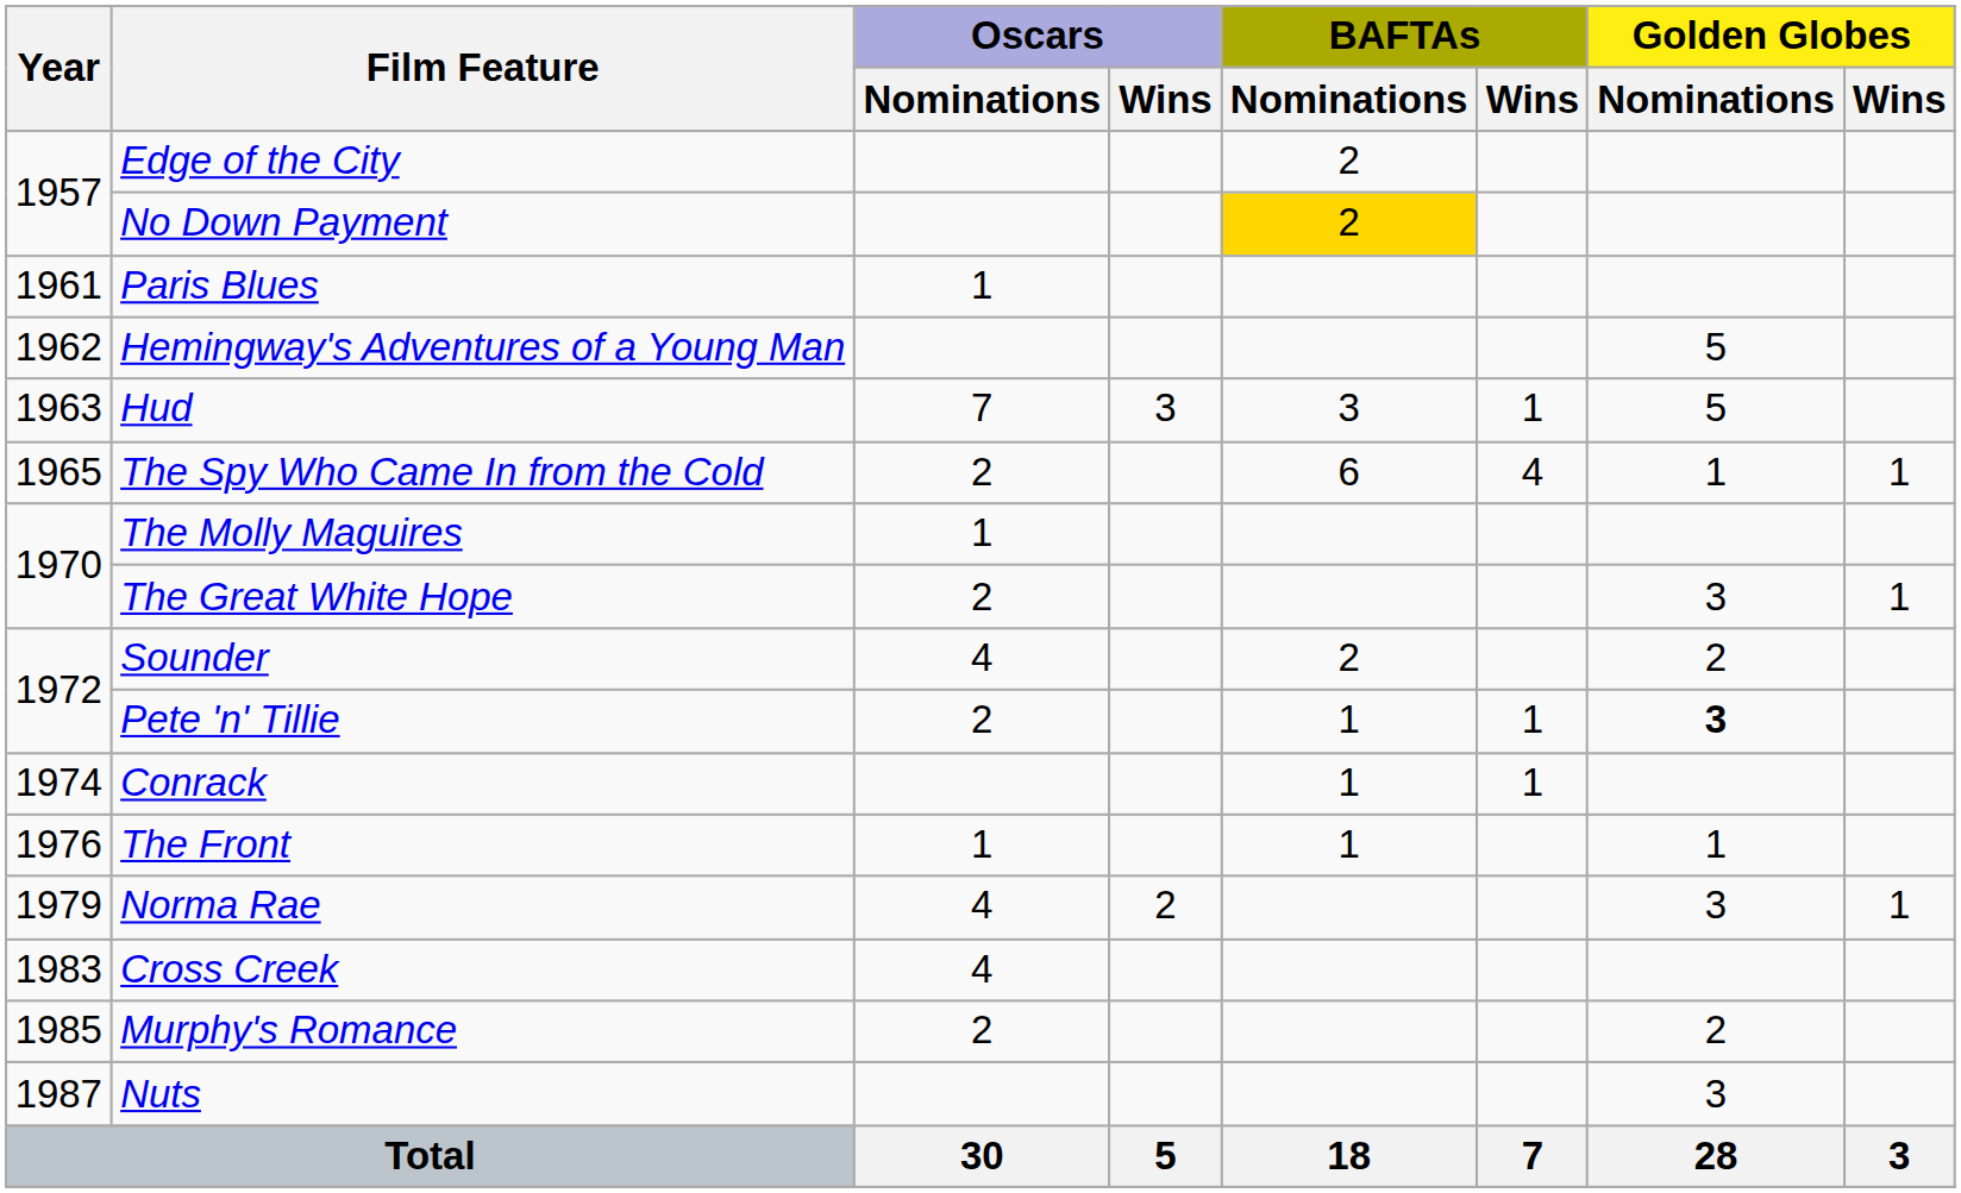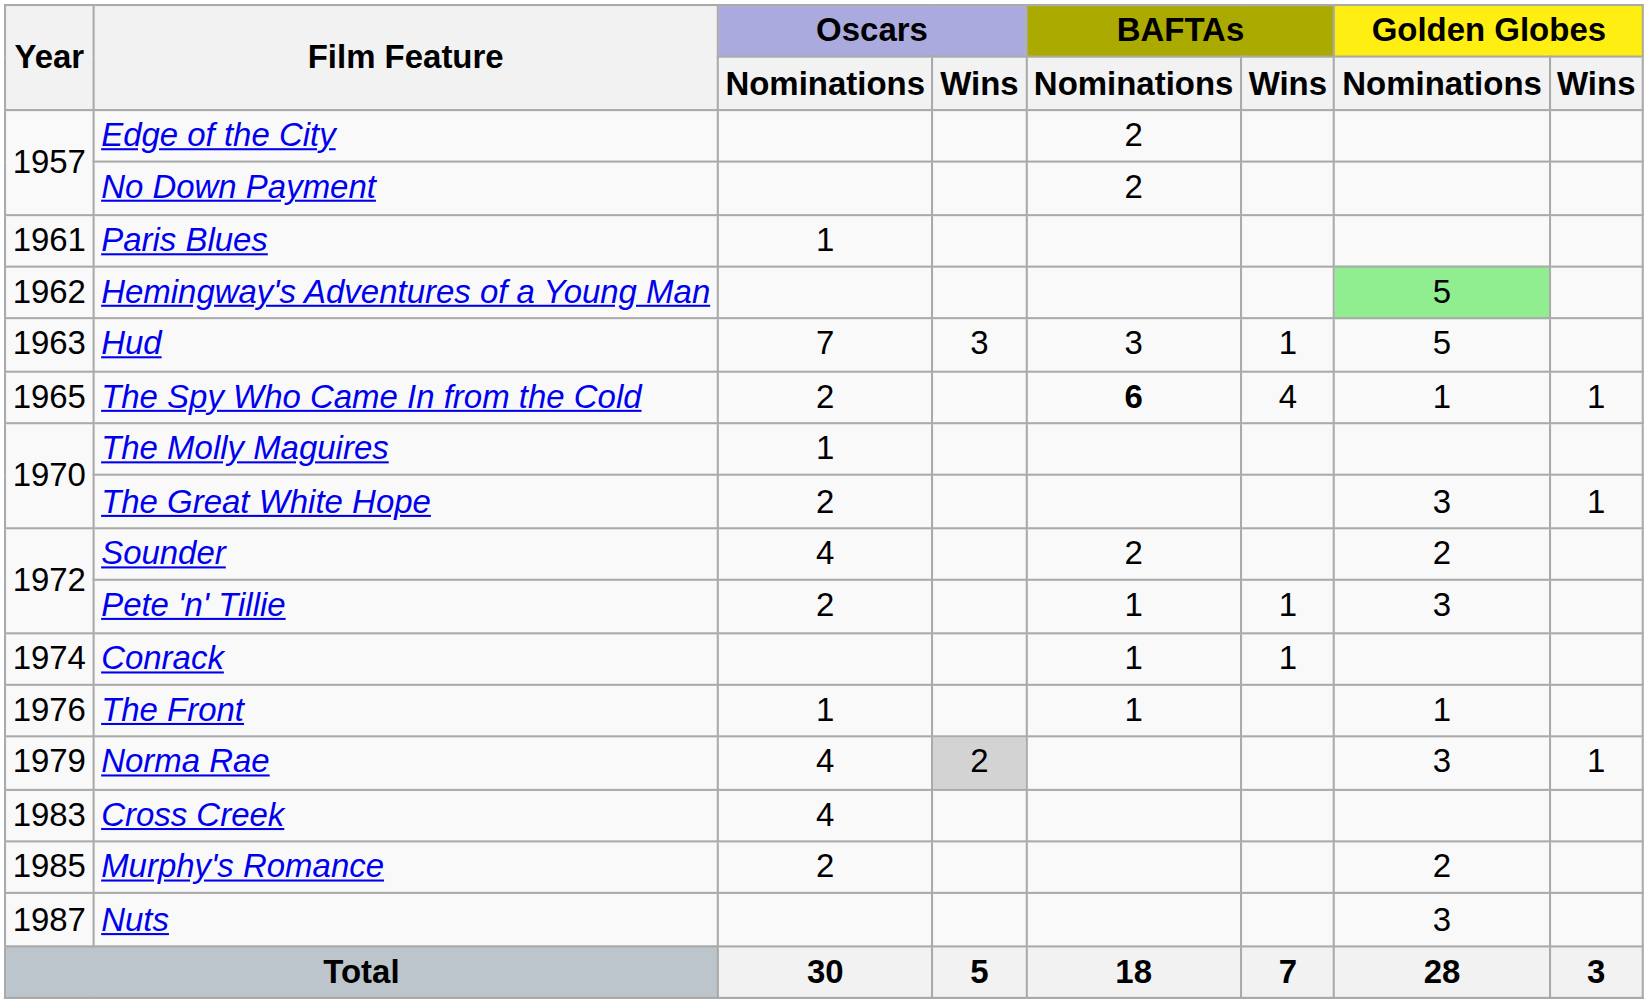 <table class="wikitable">
 <tr>
 <th rowspan="2">Year</th>
 <th rowspan="2">Film Feature</th>
 <th colspan="2" style="background-color:#aaaade;">Oscars</th>
 <th colspan="2" style="background-color:#aa0;">BAFTAs</th>
 <th colspan="2" style="background-color:#fe1;">Golden Globes</th>
 </tr>
 <tr>
 <th>Nominations</th>
 <th>Wins</th>
 <th>Nominations</th>
 <th>Wins</th>
 <th>Nominations</th>
 <th>Wins</th>
 </tr>
 <tr>
 <td rowspan="2">1957</td>
 <td><em><a href='#'>Edge of the City</a></em></td>
 <td></td>
 <td></td>
 <td align=center>2</td>
 <td></td>
 <td></td>
 <td></td>
 </tr>
 <tr>
 <td><em><a href='#'>No Down Payment</a></em></td>
 <td></td>
 <td></td>
-<td align=center style="background: gold;">2</td>
+<td align=center>2</td>
 <td></td>
 <td></td>
 <td></td>
 </tr>
 <tr>
 <td>1961</td>
 <td><em><a href='#'>Paris Blues</a></em></td>
 <td align=center>1</td>
 <td></td>
 <td></td>
 <td></td>
 <td></td>
 <td></td>
 </tr>
 <tr>
 <td>1962</td>
 <td><em><a href='#'>Hemingway's Adventures of a Young Man</a></em></td>
 <td></td>
 <td></td>
 <td></td>
 <td></td>
-<td align=center>5</td>
+<td align=center style="background: lightgreen;">5</td>
 <td></td>
 </tr>
 <tr>
 <td>1963</td>
 <td><em><a href='#'>Hud</a></em></td>
 <td align=center>7</td>
 <td align=center>3</td>
 <td align=center>3</td>
 <td align=center>1</td>
 <td align=center>5</td>
 <td></td>
 </tr>
 <tr>
 <td>1965</td>
 <td><em><a href='#'>The Spy Who Came In from the Cold</a></em></td>
 <td align=center>2</td>
 <td></td>
-<td align=center>6</td>
+<td align=center><strong>6</strong></td>
 <td align=center>4</td>
 <td align=center>1</td>
 <td align=center>1</td>
 </tr>
 <tr>
 <td rowspan="2">1970</td>
 <td><em><a href='#'>The Molly Maguires</a></em></td>
 <td align=center>1</td>
 <td></td>
 <td></td>
 <td></td>
 <td></td>
 <td></td>
 </tr>
 <tr>
 <td><em><a href='#'>The Great White Hope</a></em></td>
 <td align=center>2</td>
 <td></td>
 <td></td>
 <td></td>
 <td align=center>3</td>
 <td align=center>1</td>
 </tr>
 <tr>
 <td rowspan="2">1972</td>
 <td><em><a href='#'>Sounder</a></em></td>
 <td align=center>4</td>
 <td></td>
 <td align=center>2</td>
 <td></td>
 <td align=center>2</td>
 <td></td>
 </tr>
 <tr>
 <td><em><a href='#'>Pete 'n' Tillie</a></em></td>
 <td align=center>2</td>
 <td></td>
 <td align=center>1</td>
 <td align=center>1</td>
-<td align=center><strong>3</strong></td>
+<td align=center>3</td>
 <td></td>
 </tr>
 <tr>
 <td>1974</td>
 <td><em><a href='#'>Conrack</a></em></td>
 <td></td>
 <td></td>
 <td align=center>1</td>
 <td align=center>1</td>
 <td></td>
 <td></td>
 </tr>
 <tr>
 <td>1976</td>
 <td><em><a href='#'>The Front</a></em></td>
 <td align=center>1</td>
 <td></td>
 <td align=center>1</td>
 <td></td>
 <td align=center>1</td>
 <td></td>
 </tr>
 <tr>
 <td>1979</td>
 <td><em><a href='#'>Norma Rae</a></em></td>
 <td align=center>4</td>
-<td align=center>2</td>
+<td align=center style="background: lightgrey;">2</td>
 <td></td>
 <td></td>
 <td align=center>3</td>
 <td align=center>1</td>
 </tr>
 <tr>
 <td>1983</td>
 <td><em><a href='#'>Cross Creek</a></em></td>
 <td align=center>4</td>
 <td></td>
 <td></td>
 <td></td>
 <td></td>
 <td></td>
 </tr>
 <tr>
 <td>1985</td>
 <td><em><a href='#'>Murphy's Romance</a></em></td>
 <td align=center>2</td>
 <td></td>
 <td></td>
 <td></td>
 <td align=center>2</td>
 <td></td>
 </tr>
 <tr>
 <td>1987</td>
 <td><em><a href='#'>Nuts</a></em></td>
 <td></td>
 <td></td>
 <td></td>
 <td></td>
 <td align=center>3</td>
 <td></td>
 </tr>
 <tr>
 <th colspan="2" style="background-color:#bcc5cb;">Total</th>
 <th>30</th>
 <th>5</th>
 <th>18</th>
 <th>7</th>
 <th>28</th>
 <th>3</th>
 </tr>
 <tr>
 </tr>
 </table>
